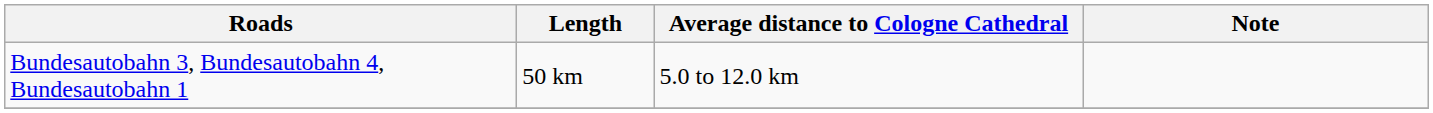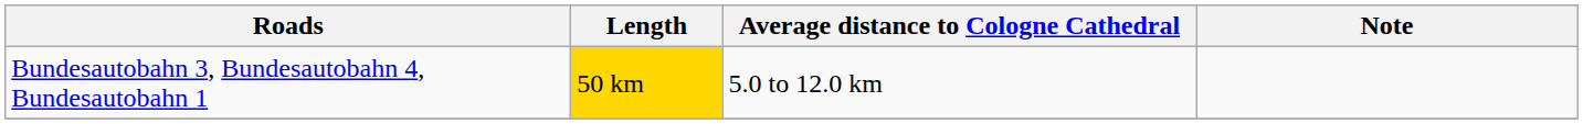 <table class="wikitable" width=950>
 <tr>
 <th width="300px">Roads</th>
 <th width="75px">Length</th>
 <th width="250px">Average distance to <a href='#'>Cologne Cathedral</a></th>
 <th width="200px">Note</th>
 </tr>
 <tr>
 <td><a href='#'>Bundesautobahn 3</a>, <a href='#'>Bundesautobahn 4</a>, <a href='#'>Bundesautobahn 1</a></td>
-<td>50 km</td>
+<td style="background: gold;">50 km</td>
 <td>5.0 to 12.0 km</td>
 <td></td>
 </tr>
 <tr>
 </tr>
 </table>
